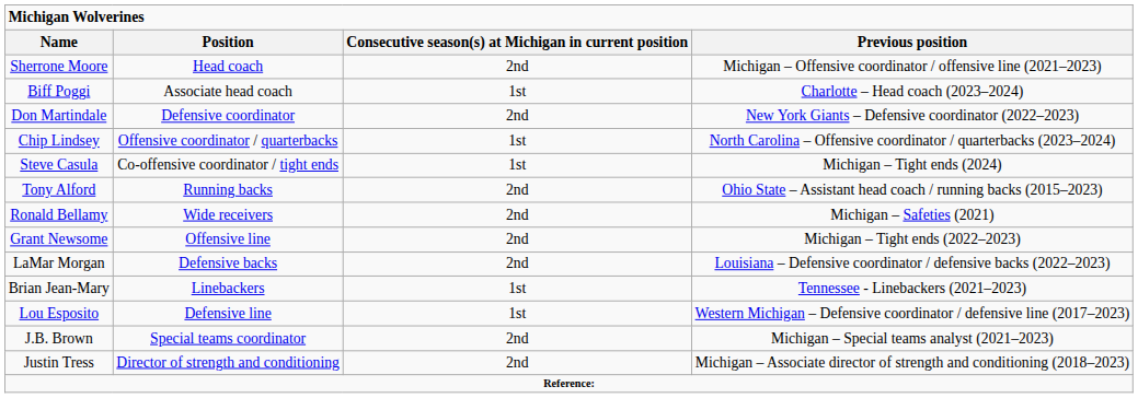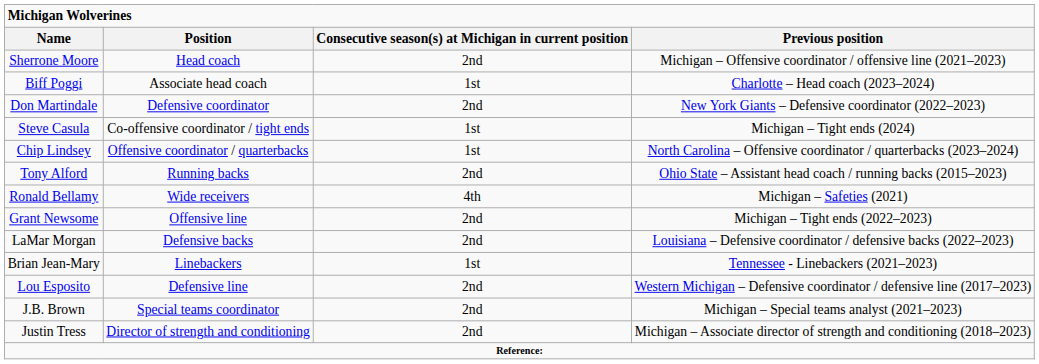 <table class="wikitable" style="font-size:90%;">
 <tr>
 <td colspan=4><strong>Michigan Wolverines</strong></td>
 </tr>
 <tr align="center";>
 <th>Name</th>
 <th>Position</th>
 <th>Consecutive season(s) at Michigan in current position</th>
 <th>Previous position</th>
 </tr>
 <tr align="center";>
 <td><a href='#'>Sherrone Moore</a></td>
 <td><a href='#'>Head coach</a></td>
 <td>2nd</td>
 <td>Michigan – Offensive coordinator / offensive line (2021–2023)</td>
 </tr>
 <tr align="center";>
 <td><a href='#'>Biff Poggi</a></td>
 <td>Associate head coach</td>
 <td>1st</td>
 <td><a href='#'>Charlotte</a> – Head coach (2023–2024)</td>
 </tr>
 <tr align="center";>
 <td><a href='#'>Don Martindale</a></td>
 <td><a href='#'>Defensive coordinator</a></td>
 <td>2nd</td>
 <td><a href='#'>New York Giants</a> – Defensive coordinator (2022–2023)</td>
 </tr>
+<tr align="center" ;>
+<td><a href='#'>Steve Casula</a></td>
+<td>Co-offensive coordinator / <a href='#'>tight ends</a></td>
+<td>1st</td>
+<td>Michigan – Tight ends (2024)</td>
+</tr>
 <tr align="center";>
 <td><a href='#'>Chip Lindsey</a></td>
 <td><a href='#'>Offensive coordinator</a> / <a href='#'>quarterbacks</a></td>
 <td>1st</td>
 <td><a href='#'>North Carolina</a> – Offensive coordinator / quarterbacks (2023–2024)</td>
-</tr>
-<tr align="center" ;>
-<td><a href='#'>Steve Casula</a></td>
-<td>Co-offensive coordinator / <a href='#'>tight ends</a></td>
-<td>1st</td>
-<td>Michigan – Tight ends (2024)</td>
 </tr>
 <tr align="center";>
 <td><a href='#'>Tony Alford</a></td>
 <td><a href='#'>Running backs</a></td>
 <td>2nd</td>
 <td><a href='#'>Ohio State</a> – Assistant head coach / running backs  (2015–2023)</td>
 </tr>
 <tr align="center";>
 <td><a href='#'>Ronald Bellamy</a></td>
 <td><a href='#'>Wide receivers</a></td>
-<td>2nd</td>
+<td>4th</td>
 <td>Michigan – <a href='#'>Safeties</a> (2021)</td>
 </tr>
 <tr align="center";>
 <td><a href='#'>Grant Newsome</a></td>
 <td><a href='#'>Offensive line</a></td>
 <td>2nd</td>
 <td>Michigan – Tight ends (2022–2023)</td>
 </tr>
 <tr align="center";>
 <td>LaMar Morgan</td>
 <td><a href='#'>Defensive backs</a></td>
 <td>2nd</td>
 <td><a href='#'>Louisiana</a> – Defensive coordinator / defensive backs (2022–2023)</td>
 </tr>
 <tr align="center";>
 <td>Brian Jean-Mary</td>
 <td><a href='#'>Linebackers</a></td>
 <td>1st</td>
 <td><a href='#'>Tennessee</a> - Linebackers (2021–2023)</td>
 </tr>
 <tr align="center";>
 <td><a href='#'>Lou Esposito</a></td>
 <td><a href='#'>Defensive line</a></td>
-<td>1st</td>
+<td>2nd</td>
 <td><a href='#'>Western Michigan</a> – Defensive coordinator / defensive line (2017–2023)</td>
 </tr>
 <tr align="center";>
 <td>J.B. Brown</td>
 <td><a href='#'>Special teams coordinator</a></td>
 <td>2nd</td>
 <td>Michigan – Special teams analyst (2021–2023)</td>
 </tr>
 <tr align="center";>
 <td>Justin Tress</td>
 <td><a href='#'>Director of strength and conditioning</a></td>
 <td>2nd</td>
 <td>Michigan – Associate director of strength and conditioning (2018–2023)</td>
 </tr>
 <tr>
 <td colspan="4" style="font-size:8pt; text-align:center;"><strong>Reference:</strong></td>
 </tr>
 </table>
